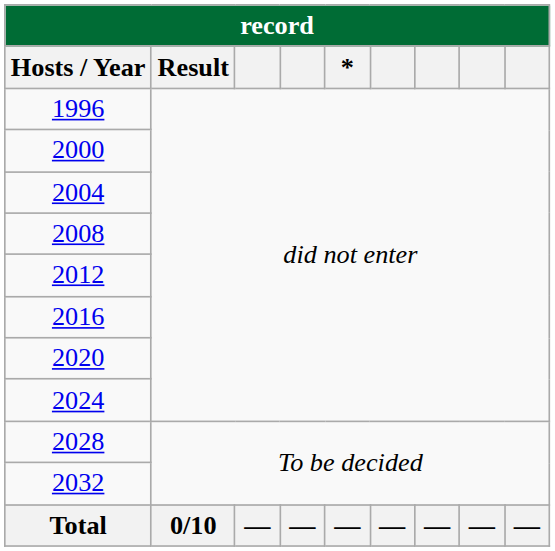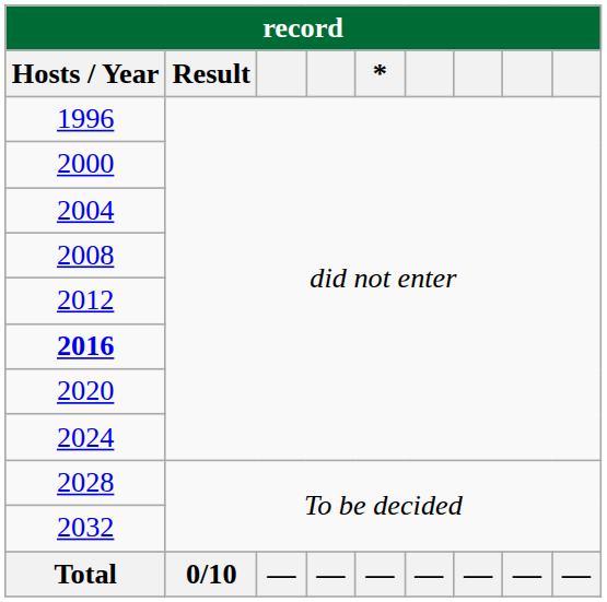 <table class="wikitable mw-collapsible" style="text-align: center;font-size:100%;">
 <tr>
 <th colspan="9" style="background: #006C35; color: white;"><a href='#'></a> record</th>
 </tr>
 <tr>
 <th>Hosts / Year</th>
 <th>Result</th>
 <th width="20"></th>
 <th width="20"></th>
 <th width="20">*</th>
 <th width="20"></th>
 <th width="20"></th>
 <th width="20"></th>
 <th width="20"></th>
 </tr>
 <tr>
 <td> <a href='#'>1996</a></td>
 <td colspan="8" rowspan="8"><em>did not enter</em></td>
 </tr>
 <tr>
 <td> <a href='#'>2000</a></td>
 </tr>
 <tr>
 <td> <a href='#'>2004</a></td>
 </tr>
 <tr>
 <td> <a href='#'>2008</a></td>
 </tr>
 <tr>
 <td> <a href='#'>2012</a></td>
 </tr>
 <tr>
-<td> <a href='#'>2016</a></td>
+<td><strong> <a href='#'>2016</a></strong></td>
 </tr>
 <tr>
 <td> <a href='#'>2020</a></td>
 </tr>
 <tr>
 <td> <a href='#'>2024</a></td>
 </tr>
 <tr>
 <td> <a href='#'>2028</a></td>
 <td colspan="8" rowspan="2"><em>To be decided</em></td>
 </tr>
 <tr>
 <td> <a href='#'>2032</a></td>
 </tr>
 <tr>
 <th>Total</th>
 <th>0/10</th>
 <th>—</th>
 <th>—</th>
 <th>—</th>
 <th>—</th>
 <th>—</th>
 <th>—</th>
 <th>—</th>
 </tr>
 </table>
